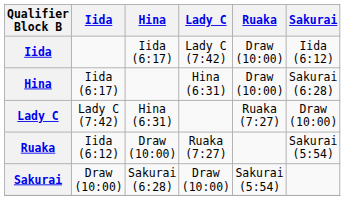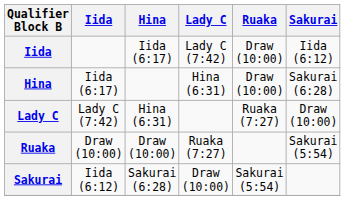 <table class="wikitable" style="text-align:center; margin: 1em auto 1em auto;" width="25%">
 <tr>
 <th>Qualifier Block B</th>
 <th><a href='#'>Iida</a></th>
 <th><a href='#'>Hina</a></th>
 <th><a href='#'>Lady C</a></th>
 <th><a href='#'>Ruaka</a></th>
 <th><a href='#'>Sakurai</a></th>
 </tr>
 <tr>
 <th><a href='#'>Iida</a></th>
 <td></td>
 <td>Iida<br>(6:17)</td>
 <td>Lady C<br>(7:42)</td>
 <td>Draw<br>(10:00)</td>
 <td>Iida<br>(6:12)</td>
 </tr>
 <tr>
 <th><a href='#'>Hina</a></th>
 <td>Iida<br>(6:17)</td>
 <td></td>
 <td>Hina<br>(6:31)</td>
 <td>Draw<br>(10:00)</td>
 <td>Sakurai<br>(6:28)</td>
 </tr>
 <tr>
 <th><a href='#'>Lady C</a></th>
 <td>Lady C<br>(7:42)</td>
 <td>Hina<br>(6:31)</td>
 <td></td>
 <td>Ruaka<br>(7:27)</td>
 <td>Draw<br>(10:00)</td>
 </tr>
 <tr>
 <th><a href='#'>Ruaka</a></th>
-<td>Iida<br>(6:12)</td>
+<td>Draw<br>(10:00)</td>
 <td>Draw<br>(10:00)</td>
 <td>Ruaka<br>(7:27)</td>
 <td></td>
 <td>Sakurai<br>(5:54)</td>
 </tr>
 <tr>
 <th><a href='#'>Sakurai</a></th>
-<td>Draw<br>(10:00)</td>
+<td>Iida<br>(6:12)</td>
 <td>Sakurai<br>(6:28)</td>
 <td>Draw<br>(10:00)</td>
 <td>Sakurai<br>(5:54)</td>
 <td></td>
 </tr>
 <tr>
 </tr>
 </table>
